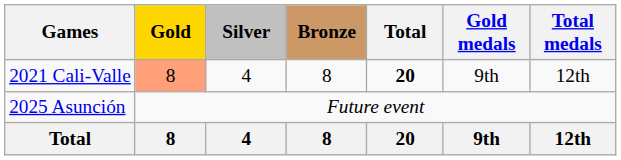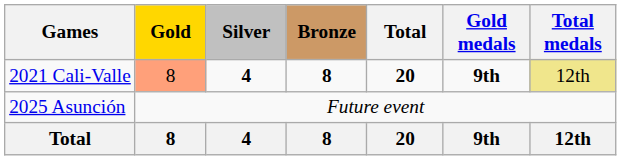 <table class="wikitable" style="text-align:center; font-size:90%;">
 <tr>
 <th>Games</th>
 <td style="background:gold; width:3.2em; font-weight:bold;">Gold</td>
 <td style="background:silver; width:3.7em; font-weight:bold;">Silver</td>
 <td style="background:#c96; width:3.7em; font-weight:bold;">Bronze</td>
 <th style="width:3.5em; font-weight:bold;">Total</th>
 <th style="width:4em; font-weight:bold;"><a href='#'>Gold medals</a></th>
 <th style="width:4em; font-weight:bold;"><a href='#'>Total medals</a></th>
 </tr>
 <tr>
 <td align=left> <a href='#'>2021 Cali-Valle</a></td>
 <td style="background: lightsalmon;">8</td>
-<td>4</td>
-<td>8</td>
+<td><strong>4</strong></td>
+<td><strong>8</strong></td>
 <td><strong>20</strong></td>
-<td>9th</td>
-<td>12th</td>
+<td><strong>9th</strong></td>
+<td style="background: khaki;">12th</td>
 </tr>
 <tr>
 <td align=left> <a href='#'>2025 Asunción</a></td>
 <td colspan="6"><em>Future event</em></td>
 </tr>
 <tr>
 <th>Total</th>
 <th>8</th>
 <th>4</th>
 <th>8</th>
 <th>20</th>
 <th>9th</th>
 <th>12th</th>
 </tr>
 </table>
